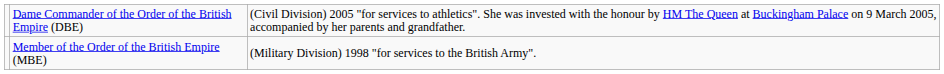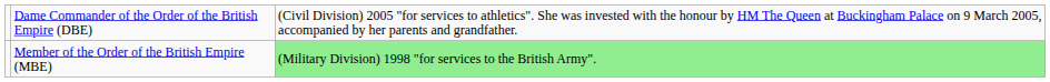 <table class="wikitable">
 <tr>
 <td></td>
 <td><a href='#'>Dame Commander of the Order of the British Empire</a> (DBE)</td>
 <td>(Civil Division) 2005 "for services to athletics". She was invested with the honour by <a href='#'>HM The Queen</a> at <a href='#'>Buckingham Palace</a> on 9 March 2005, accompanied by her parents and grandfather.</td>
 </tr>
 <tr>
 <td></td>
 <td><a href='#'>Member of the Order of the British Empire</a> (MBE)</td>
-<td>(Military Division) 1998 "for services to the British Army".</td>
+<td style="background: lightgreen;">(Military Division) 1998 "for services to the British Army".</td>
 </tr>
 </table>
